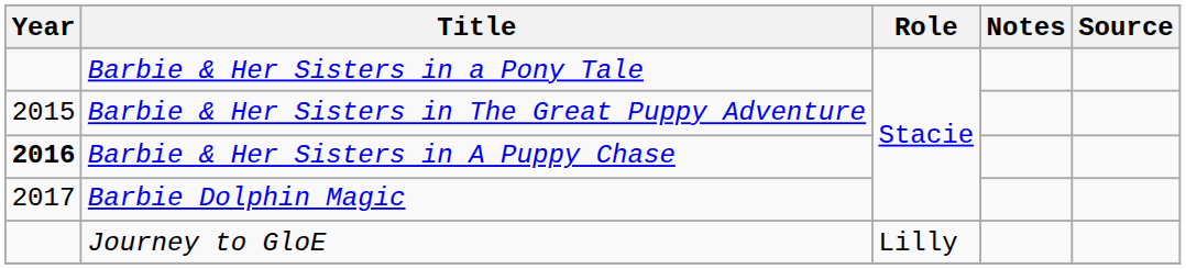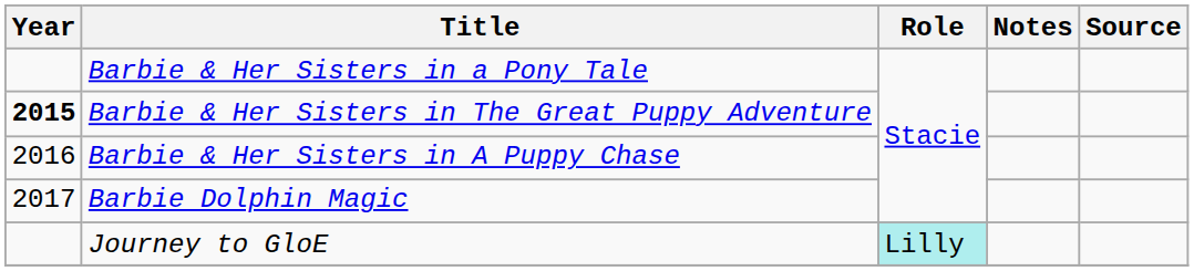 <table class="wikitable sortable plainrowheaders">
 <tr>
 <th>Year</th>
 <th>Title</th>
 <th>Role</th>
 <th class="unsortable">Notes</th>
 <th class="unsortable">Source</th>
 </tr>
 <tr>
 <td></td>
 <td><em><a href='#'>Barbie & Her Sisters in a Pony Tale</a></em></td>
 <td rowspan="4"><a href='#'>Stacie</a></td>
 <td></td>
 <td></td>
 </tr>
 <tr>
-<td>2015</td>
+<td><strong>2015</strong></td>
 <td><em><a href='#'>Barbie & Her Sisters in The Great Puppy Adventure</a></em></td>
 <td></td>
 <td></td>
 </tr>
 <tr>
-<td><strong>2016</strong></td>
+<td>2016</td>
 <td><em><a href='#'>Barbie & Her Sisters in A Puppy Chase</a></em></td>
 <td></td>
 <td></td>
 </tr>
 <tr>
 <td>2017</td>
 <td><em><a href='#'>Barbie Dolphin Magic</a></em></td>
 <td></td>
 <td></td>
 </tr>
 <tr>
 <td></td>
 <td><em>Journey to GloE</em></td>
-<td>Lilly</td>
+<td style="background: paleturquoise;">Lilly</td>
 <td></td>
 <td></td>
 </tr>
 <tr>
 </tr>
 </table>
